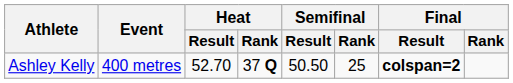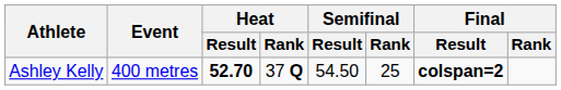 <table class=wikitable style=font-size:90%>
 <tr>
 <th rowspan=2>Athlete</th>
 <th rowspan=2>Event</th>
 <th colspan=2>Heat</th>
 <th colspan=2>Semifinal</th>
 <th colspan=2>Final</th>
 </tr>
 <tr style=font-size:95%>
 <th>Result</th>
 <th>Rank</th>
 <th>Result</th>
 <th>Rank</th>
 <th>Result</th>
 <th>Rank</th>
 </tr>
 <tr align=center>
 <td align=left><a href='#'>Ashley Kelly</a></td>
 <td align=left><a href='#'>400 metres</a></td>
-<td>52.70</td>
+<td><strong>52.70</strong></td>
 <td>37 <strong>Q</strong></td>
-<td>50.50</td>
+<td>54.50</td>
 <td>25</td>
 <td><strong>colspan=2 </strong></td>
 </tr>
 </table>
